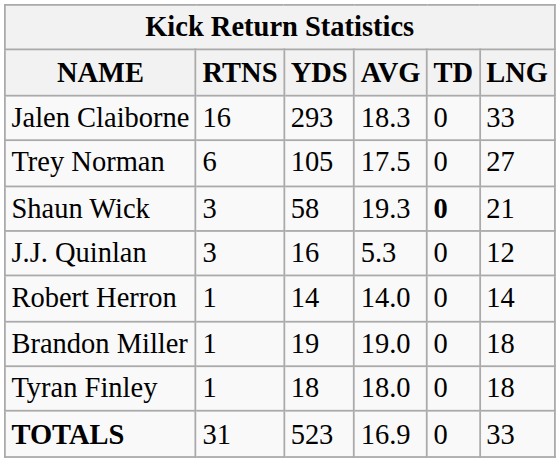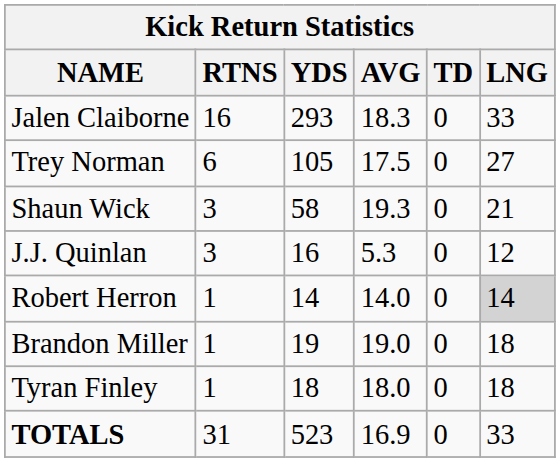 <table class="wikitable sortable collapsible collapsed">
 <tr>
 <th colspan="8">Kick Return Statistics</th>
 </tr>
 <tr>
 <th>NAME</th>
 <th>RTNS</th>
 <th>YDS</th>
 <th>AVG</th>
 <th>TD</th>
 <th>LNG</th>
 </tr>
 <tr>
 <td>Jalen Claiborne</td>
 <td>16</td>
 <td>293</td>
 <td>18.3</td>
 <td>0</td>
 <td>33</td>
 </tr>
 <tr>
 <td>Trey Norman</td>
 <td>6</td>
 <td>105</td>
 <td>17.5</td>
 <td>0</td>
 <td>27</td>
 </tr>
 <tr>
 <td>Shaun Wick</td>
 <td>3</td>
 <td>58</td>
 <td>19.3</td>
-<td><strong>0</strong></td>
+<td>0</td>
 <td>21</td>
 </tr>
 <tr>
 <td>J.J. Quinlan</td>
 <td>3</td>
 <td>16</td>
 <td>5.3</td>
 <td>0</td>
 <td>12</td>
 </tr>
 <tr>
 <td>Robert Herron</td>
 <td>1</td>
 <td>14</td>
 <td>14.0</td>
 <td>0</td>
-<td>14</td>
+<td style="background: lightgrey;">14</td>
 </tr>
 <tr>
 <td>Brandon Miller</td>
 <td>1</td>
 <td>19</td>
 <td>19.0</td>
 <td>0</td>
 <td>18</td>
 </tr>
 <tr>
 <td>Tyran Finley</td>
 <td>1</td>
 <td>18</td>
 <td>18.0</td>
 <td>0</td>
 <td>18</td>
 </tr>
 <tr>
 <td><strong>TOTALS</strong></td>
 <td>31</td>
 <td>523</td>
 <td>16.9</td>
 <td>0</td>
 <td>33</td>
 </tr>
 </table>
